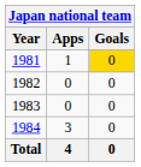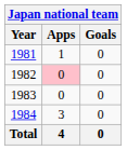 <table class="wikitable" style="text-align:center">
 <tr>
 <th colspan=3><a href='#'>Japan national team</a></th>
 </tr>
 <tr>
 <th>Year</th>
 <th>Apps</th>
 <th>Goals</th>
 </tr>
 <tr>
 <td><a href='#'>1981</a></td>
 <td>1</td>
-<td style="background: gold;">0</td>
+<td>0</td>
 </tr>
 <tr>
 <td>1982</td>
-<td>0</td>
+<td style="background: pink;">0</td>
 <td>0</td>
 </tr>
 <tr>
 <td>1983</td>
 <td>0</td>
 <td>0</td>
 </tr>
 <tr>
 <td><a href='#'>1984</a></td>
 <td>3</td>
 <td>0</td>
 </tr>
 <tr>
 <th>Total</th>
 <th>4</th>
 <th>0</th>
 </tr>
 </table>
